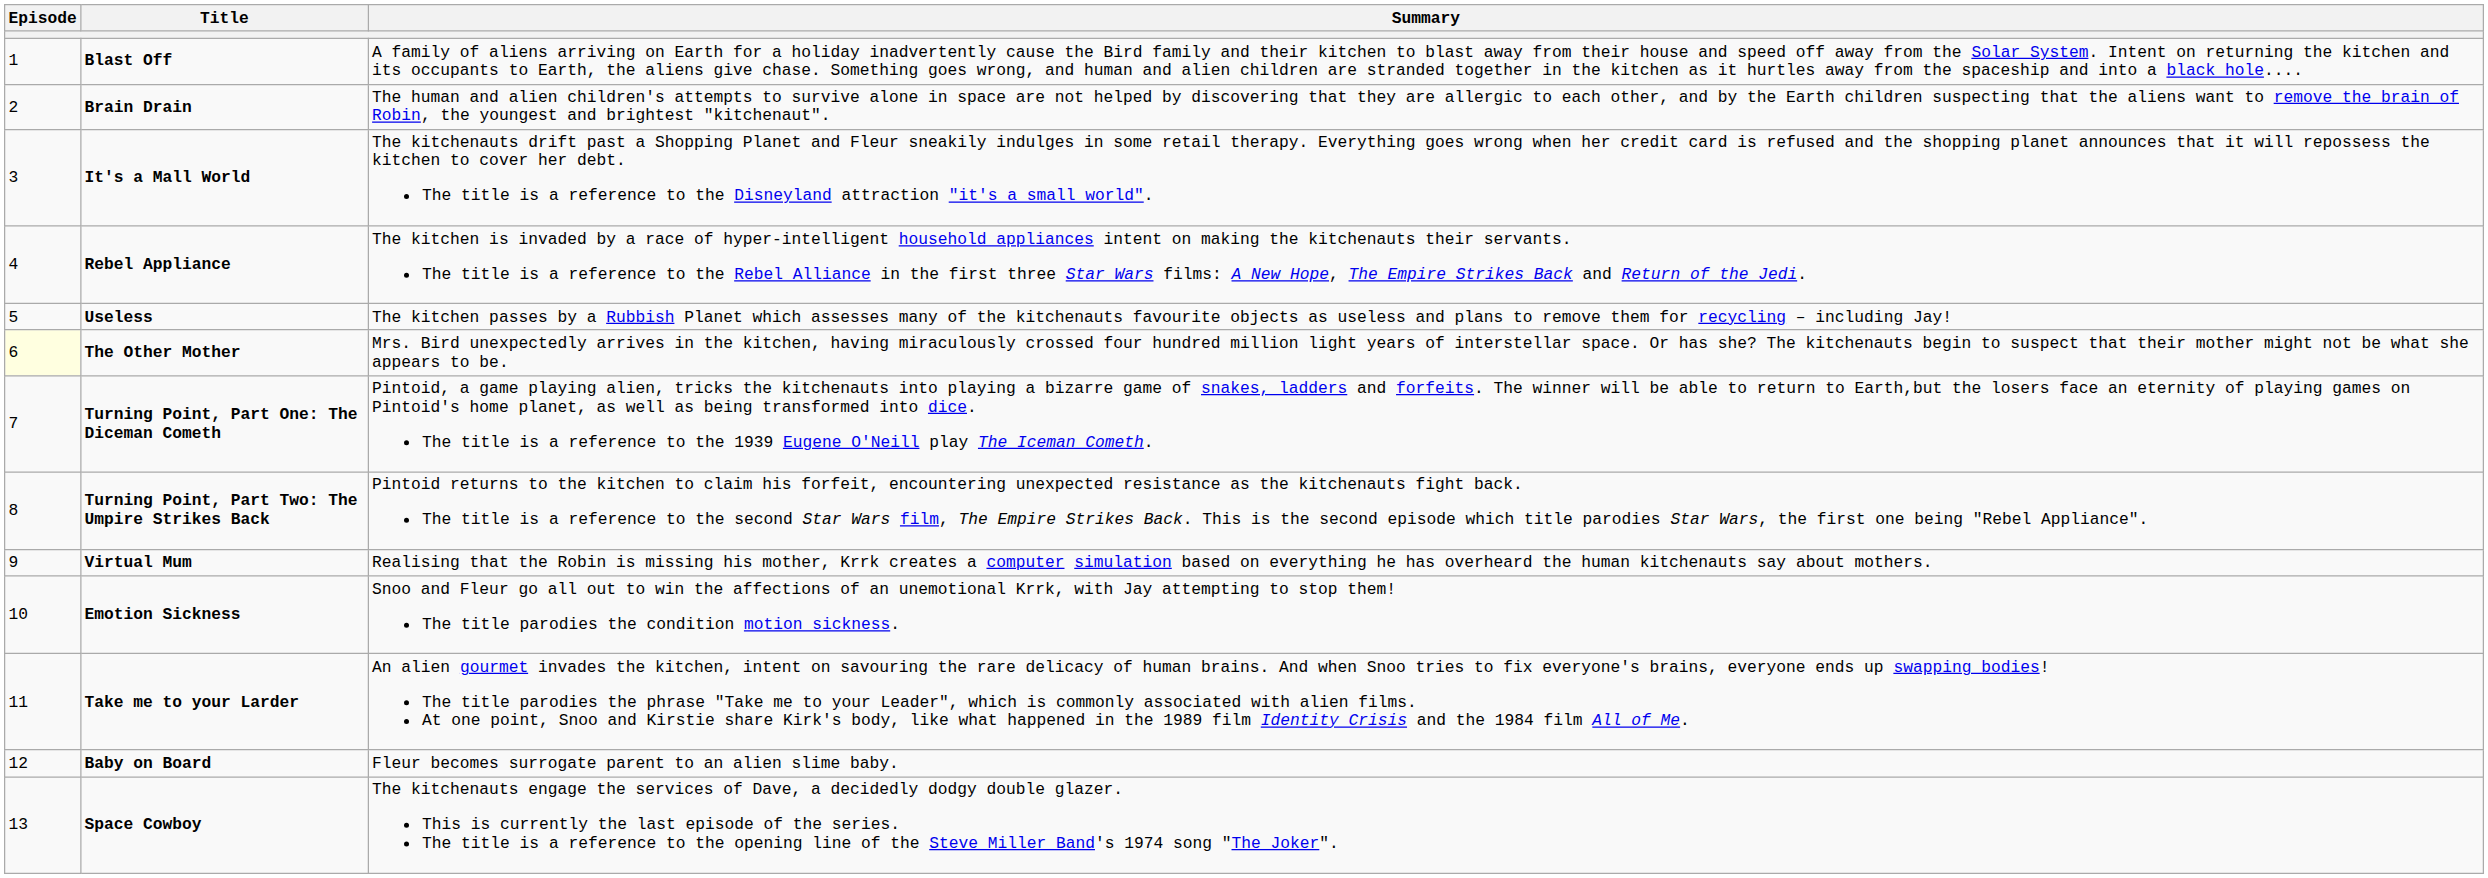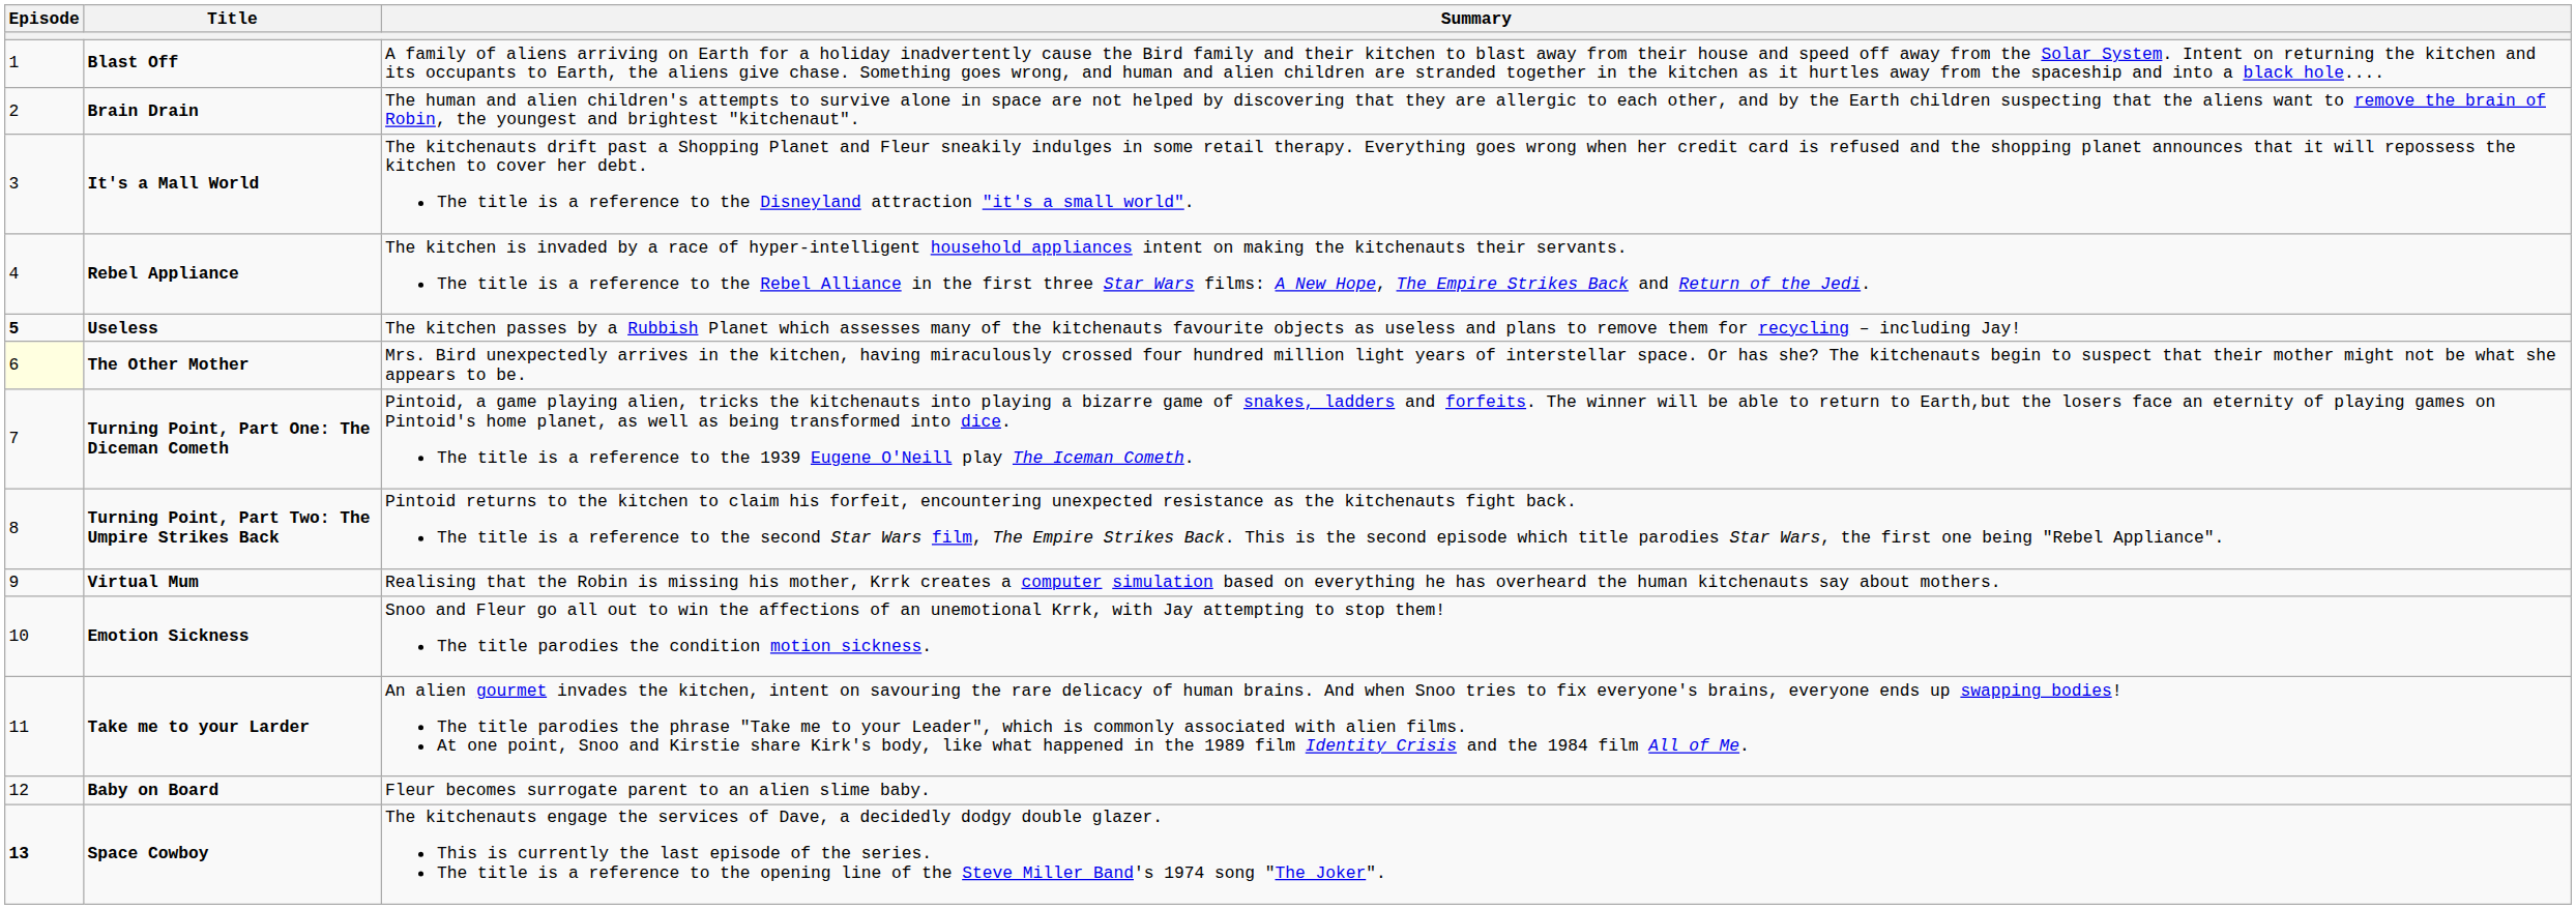 <table class="wikitable" style="width:100%;">
 <tr>
 <th><strong>Episode</strong></th>
 <th><strong>Title</strong></th>
 <th><strong>Summary</strong></th>
 </tr>
 <tr>
 <th colspan=4></th>
 </tr>
 <tr>
 <td>1</td>
 <td><strong>Blast Off</strong></td>
 <td>A family of aliens arriving on Earth for a holiday inadvertently cause the Bird family and their kitchen to blast away from their house and speed off away from the <a href='#'>Solar System</a>. Intent on returning the kitchen and its occupants to Earth, the aliens give chase. Something goes wrong, and human and alien children are stranded together in the kitchen as it hurtles away from the spaceship and into a <a href='#'>black hole</a>....</td>
 </tr>
 <tr>
 <td>2</td>
 <td><strong>Brain Drain</strong></td>
 <td>The human and alien children's attempts to survive alone in space are not helped by discovering that they are allergic to each other, and by the Earth children suspecting that the aliens want to <a href='#'>remove the brain of Robin</a>, the youngest and brightest "kitchenaut".</td>
 </tr>
 <tr>
 <td>3</td>
 <td><strong>It's a Mall World</strong></td>
 <td>The kitchenauts drift past a Shopping Planet and Fleur sneakily indulges in some retail therapy. Everything goes wrong when her credit card is refused and the shopping planet announces that it will repossess the kitchen to cover her debt.<br><ul><li>The title is a reference to the <a href='#'>Disneyland</a> attraction <a href='#'>"it's a small world"</a>.</li></ul></td>
 </tr>
 <tr>
 <td>4</td>
 <td><strong>Rebel Appliance</strong></td>
 <td>The kitchen is invaded by a race of hyper-intelligent <a href='#'>household appliances</a> intent on making the kitchenauts their servants.<br><ul><li>The title is a reference to the <a href='#'>Rebel Alliance</a> in the first three <em><a href='#'>Star Wars</a></em> films: <em><a href='#'>A New Hope</a></em>, <em><a href='#'>The Empire Strikes Back</a></em> and <em><a href='#'>Return of the Jedi</a></em>.</li></ul></td>
 </tr>
 <tr>
-<td>5</td>
+<td><strong>5</strong></td>
 <td><strong>Useless</strong></td>
 <td>The kitchen passes by a <a href='#'>Rubbish</a> Planet which assesses many of the kitchenauts favourite objects as useless and plans to remove them for <a href='#'>recycling</a> – including Jay!</td>
 </tr>
 <tr>
 <td style="background: lightyellow;">6</td>
 <td><strong>The Other Mother</strong></td>
 <td>Mrs. Bird unexpectedly arrives in the kitchen, having miraculously crossed four hundred million light years of interstellar space. Or has she? The kitchenauts begin to suspect that their mother might not be what she appears to be.</td>
 </tr>
 <tr>
 <td>7</td>
 <td><strong>Turning Point, Part One: The Diceman Cometh</strong></td>
 <td>Pintoid, a game playing alien, tricks the kitchenauts into playing a bizarre game of <a href='#'>snakes, ladders</a> and <a href='#'>forfeits</a>. The winner will be able to return to Earth,but the losers face an eternity of playing games on Pintoid's home planet, as well as being transformed into <a href='#'>dice</a>.<br><ul><li>The title is a reference to the 1939 <a href='#'>Eugene O'Neill</a> play <em><a href='#'>The Iceman Cometh</a></em>.</li></ul></td>
 </tr>
 <tr>
 <td>8</td>
 <td><strong>Turning Point, Part Two: The Umpire Strikes Back</strong></td>
 <td>Pintoid returns to the kitchen to claim his forfeit, encountering unexpected resistance as the kitchenauts fight back.<br><ul><li>The title is a reference to the second <em>Star Wars</em> <a href='#'>film</a>, <em>The Empire Strikes Back</em>. This is the second episode which title parodies <em>Star Wars</em>, the first one being "Rebel Appliance".</li></ul></td>
 </tr>
 <tr>
 <td>9</td>
 <td><strong>Virtual Mum</strong></td>
 <td>Realising that the Robin is missing his mother, Krrk creates a <a href='#'>computer</a> <a href='#'>simulation</a> based on everything he has overheard the human kitchenauts say about mothers.</td>
 </tr>
 <tr>
 <td>10</td>
 <td><strong>Emotion Sickness</strong></td>
 <td>Snoo and Fleur go all out to win the affections of an unemotional Krrk, with Jay attempting to stop them!<br><ul><li>The title parodies the condition <a href='#'>motion sickness</a>.</li></ul></td>
 </tr>
 <tr>
 <td>11</td>
 <td><strong>Take me to your Larder</strong></td>
 <td>An alien <a href='#'>gourmet</a> invades the kitchen, intent on savouring the rare delicacy of human brains. And when Snoo tries to fix everyone's brains, everyone ends up <a href='#'>swapping bodies</a>!<br><ul><li>The title parodies the phrase "Take me to your Leader", which is commonly associated with alien films.</li><li>At one point, Snoo and Kirstie share Kirk's body, like what happened in the 1989 film <em><a href='#'>Identity Crisis</a></em> and the 1984 film <em><a href='#'>All of Me</a></em>.</li></ul></td>
 </tr>
 <tr>
 <td>12</td>
 <td><strong>Baby on Board</strong></td>
 <td>Fleur becomes surrogate parent to an alien slime baby.</td>
 </tr>
 <tr>
-<td>13</td>
+<td><strong>13</strong></td>
 <td><strong>Space Cowboy</strong></td>
 <td>The kitchenauts engage the services of Dave, a decidedly dodgy double glazer.<br><ul><li>This is currently the last episode of the series.</li><li>The title is a reference to the opening line of the <a href='#'>Steve Miller Band</a>'s 1974 song "<a href='#'>The Joker</a>".</li></ul></td>
 </tr>
 </table>
